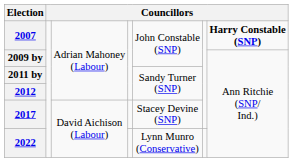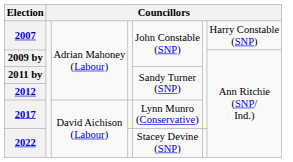 <table class="wikitable" style="text-align:center">
 <tr>
 <th>Election</th>
 <th colspan=8>Councillors</th>
 </tr>
 <tr>
 <th><a href='#'>2007</a></th>
 <td rowspan=6; style="background-color: "></td>
 <td rowspan=4>Adrian Mahoney<br>(<a href='#'>Labour</a>)</td>
 <td rowspan=4; style="background-color: "></td>
 <td rowspan=2>John Constable<br>(<a href='#'>SNP</a>)</td>
 <td rowspan=5; style="background-color: "></td>
-<td rowspan=1><strong>Harry Constable<br>(<a href='#'>SNP</a>)</strong></td>
+<td rowspan=1>Harry Constable<br>(<a href='#'>SNP</a>)</td>
 </tr>
 <tr>
 <th>2009 by</th>
 <td rowspan=5>Ann Ritchie<br>(<a href='#'>SNP</a>/<br>Ind.)</td>
 </tr>
 <tr>
 <th>2011 by</th>
 <td rowspan=2>Sandy Turner<br>(<a href='#'>SNP</a>)</td>
 </tr>
 <tr>
 <th><a href='#'>2012</a></th>
 </tr>
 <tr>
 <th><a href='#'>2017</a></th>
 <td rowspan=2>David Aichison<br>(<a href='#'>Labour</a>)</td>
 <td rowspan=1; style="background-color: "></td>
-<td rowspan=1>Stacey Devine<br>(<a href='#'>SNP</a>)</td>
+<td rowspan=1>Lynn Munro<br>(<a href='#'>Conservative</a>)</td>
 </tr>
 <tr>
 <th><a href='#'>2022</a></th>
 <td rowspan=1; style="background-color: "></td>
-<td rowspan=1>Lynn Munro<br>(<a href='#'>Conservative</a>)</td>
+<td rowspan=1>Stacey Devine<br>(<a href='#'>SNP</a>)</td>
 <td rowspan=1; style="background-color: "></td>
 </tr>
 </table>
